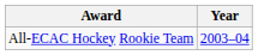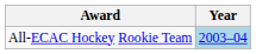 <table class="wikitable">
 <tr>
 <th>Award</th>
 <th>Year</th>
 </tr>
 <tr>
 <td>All-<a href='#'>ECAC Hockey</a> <a href='#'>Rookie Team</a></td>
-<td><a href='#'>2003–04</a></td>
+<td style="background: lightblue;"><a href='#'>2003–04</a></td>
 </tr>
 </table>
